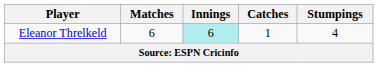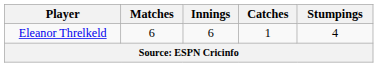 <table class="wikitable" style="text-align:center; width:55%;">
 <tr>
 <th>Player</th>
 <th>Matches</th>
 <th>Innings</th>
 <th>Catches</th>
 <th>Stumpings</th>
 </tr>
 <tr>
 <td><a href='#'>Eleanor Threlkeld</a></td>
 <td>6</td>
-<td style="background: paleturquoise;">6</td>
+<td>6</td>
 <td>1</td>
 <td>4</td>
 </tr>
 <tr>
 <th colspan="5"><small>Source: ESPN Cricinfo </small></th>
 </tr>
 </table>
